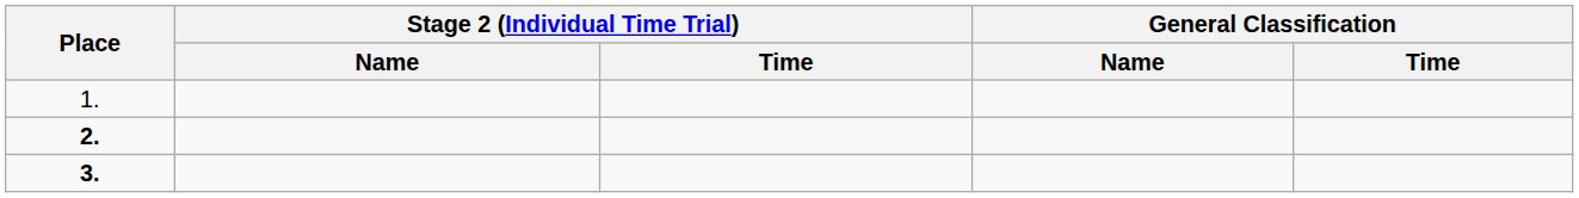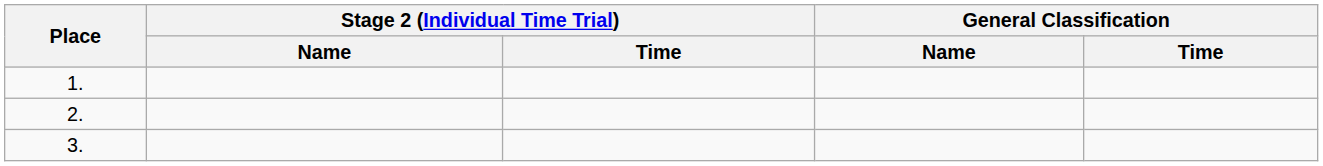 <table class=wikitable style="font-size:95%" width="80%">
 <tr>
 <th rowspan="2">Place</th>
 <th colspan="2">Stage 2 (<a href='#'>Individual Time Trial</a>)</th>
 <th colspan="2">General Classification</th>
 </tr>
 <tr>
 <th>Name</th>
 <th>Time</th>
 <th>Name</th>
 <th>Time</th>
 </tr>
 <tr>
 <td align="center">1.</td>
 <td></td>
 <td></td>
 <td></td>
 <td></td>
 </tr>
 <tr>
-<td align="center"><strong>2.</strong></td>
+<td align="center">2.</td>
 <td></td>
 <td></td>
 <td></td>
 <td></td>
 </tr>
 <tr>
-<td align="center"><strong>3.</strong></td>
+<td align="center">3.</td>
 <td></td>
 <td></td>
 <td></td>
 <td></td>
 </tr>
 </table>
